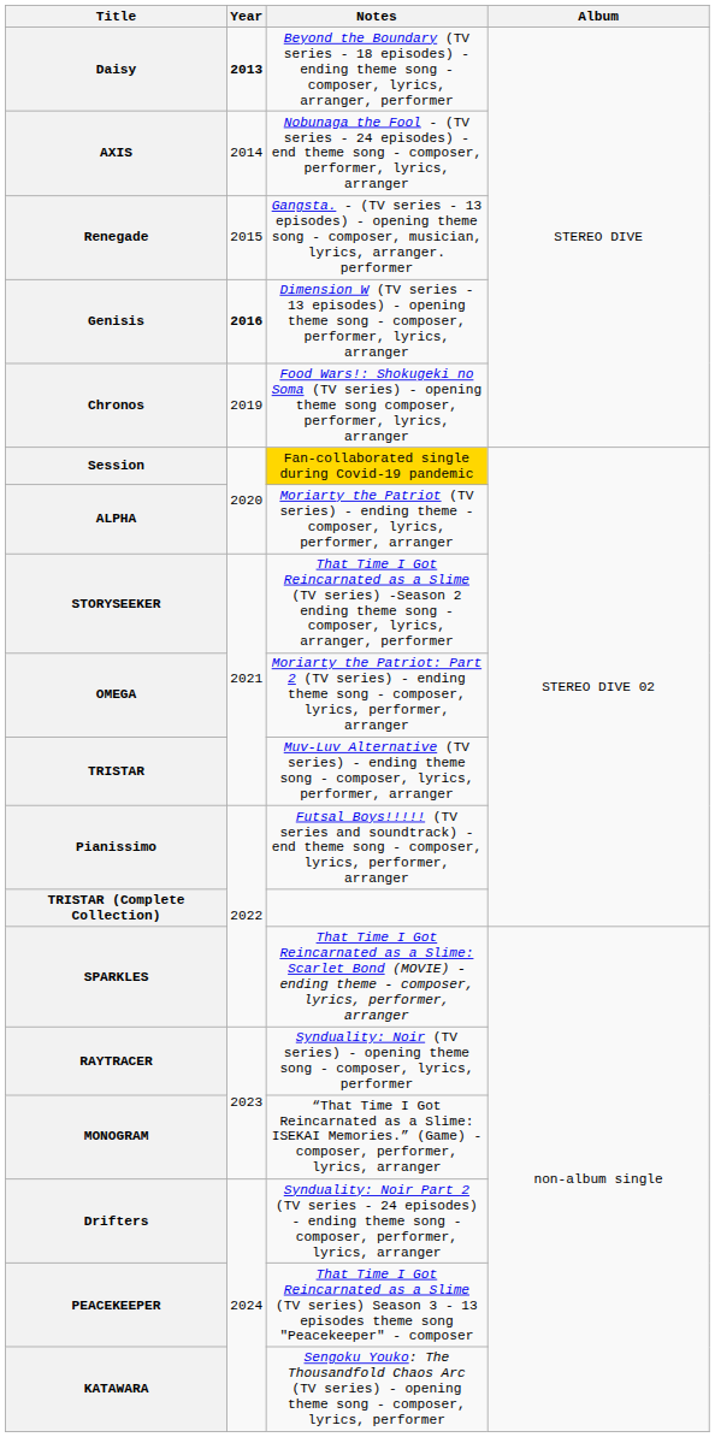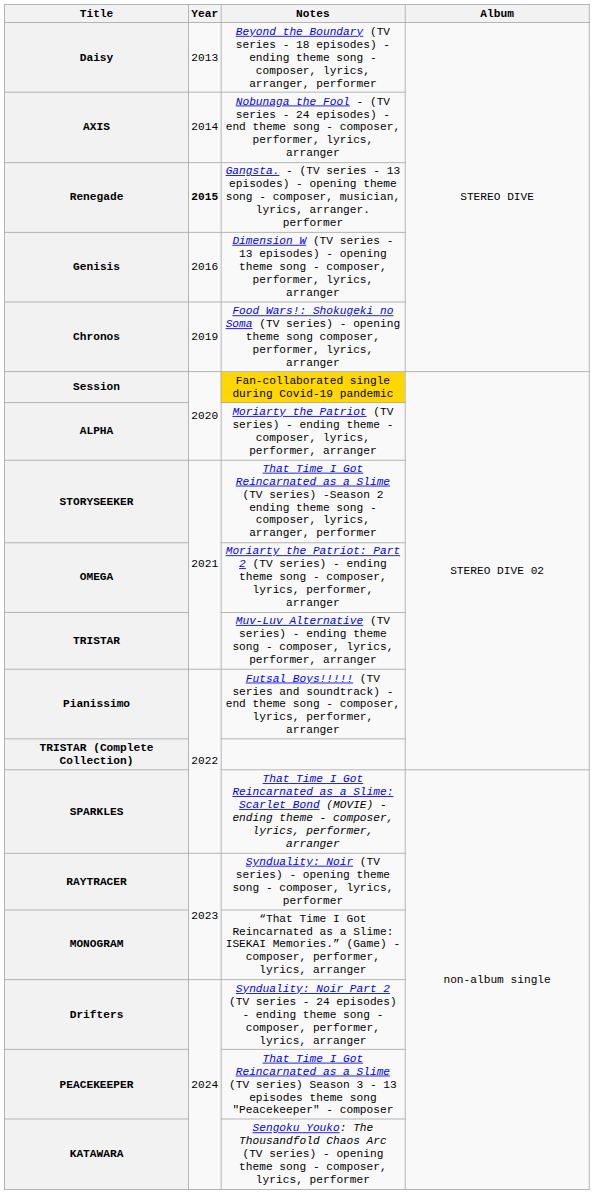 <table class="wikitable plainrowheaders" style="text-align:center;">
 <tr>
 <th style="width:16em;">Title</th>
 <th>Year</th>
 <th style="width:16em;">Notes</th>
 <th style="width:16em;">Album</th>
 </tr>
 <tr>
 <th scope="row">Daisy</th>
-<td><strong>2013</strong></td>
+<td>2013</td>
 <td><em><a href='#'>Beyond the Boundary</a></em> (TV series - 18 episodes) - ending theme song - composer, lyrics, arranger, performer</td>
 <td rowspan="5">STEREO DIVE</td>
 </tr>
 <tr>
 <th scope="row">AXIS</th>
 <td>2014</td>
 <td><em><a href='#'>Nobunaga the Fool</a></em> - (TV series - 24 episodes) - end theme song - composer, performer, lyrics, arranger</td>
 </tr>
 <tr>
 <th scope="row">Renegade</th>
-<td>2015</td>
+<td><strong>2015</strong></td>
 <td><em><a href='#'>Gangsta.</a></em> - (TV series - 13 episodes) - opening theme song - composer, musician, lyrics, arranger. performer</td>
 </tr>
 <tr>
 <th scope="row">Genisis</th>
-<td><strong>2016</strong></td>
+<td>2016</td>
 <td><em><a href='#'>Dimension W</a></em> (TV series - 13 episodes) - opening theme song  - composer, performer, lyrics, arranger</td>
 </tr>
 <tr>
 <th scope="row">Chronos</th>
 <td>2019</td>
 <td><em><a href='#'>Food Wars!: Shokugeki no Soma</a></em> (TV series) - opening theme song composer, performer, lyrics, arranger</td>
 </tr>
 <tr>
 <th scope="row">Session</th>
 <td rowspan="2">2020</td>
 <td style="background: gold;">Fan-collaborated single during Covid-19 pandemic</td>
 <td rowspan="7">STEREO DIVE 02</td>
 </tr>
 <tr>
 <th scope="row">ALPHA</th>
 <td><em><a href='#'>Moriarty the Patriot</a></em> (TV series) - ending theme - composer, lyrics, performer, arranger</td>
 </tr>
 <tr>
 <th scope="row">STORYSEEKER</th>
 <td rowspan="3">2021</td>
 <td><em><a href='#'>That Time I Got Reincarnated as a Slime</a></em> (TV series) -Season 2 ending theme song  -composer, lyrics, arranger, performer</td>
 </tr>
 <tr>
 <th scope="row">OMEGA</th>
 <td><em><a href='#'>Moriarty the Patriot: Part 2</a></em> (TV series) - ending theme song - composer, lyrics, performer, arranger</td>
 </tr>
 <tr>
 <th scope="row">TRISTAR</th>
 <td><em><a href='#'>Muv-Luv Alternative</a></em> (TV series) - ending theme song - composer, lyrics, performer, arranger</td>
 </tr>
 <tr>
 <th scope="row">Pianissimo</th>
 <td rowspan="3">2022</td>
 <td><em><a href='#'>Futsal Boys!!!!!</a></em> (TV series and soundtrack) - end theme song - composer, lyrics, performer, arranger</td>
 </tr>
 <tr>
 <th scope="row">TRISTAR (Complete Collection)</th>
 <td></td>
 </tr>
 <tr>
 <th scope="row">SPARKLES</th>
 <td><em><a href='#'>That Time I Got Reincarnated as a Slime: Scarlet Bond</a> (MOVIE) - ending theme - composer, lyrics, performer, arranger</em></td>
 <td rowspan="6">non-album single</td>
 </tr>
 <tr>
 <th scope="row">RAYTRACER</th>
 <td rowspan="2">2023</td>
 <td><em><a href='#'>Synduality: Noir</a></em> (TV series) - opening theme song - composer, lyrics, performer</td>
 </tr>
 <tr>
 <th scope="row">MONOGRAM</th>
 <td>“That Time I Got Reincarnated as a Slime: ISEKAI Memories.” (Game) - composer, performer, lyrics, arranger</td>
 </tr>
 <tr>
 <th scope="row">Drifters</th>
 <td rowspan="3">2024</td>
 <td><em><a href='#'>Synduality: Noir Part 2</a></em> (TV series - 24 episodes) - ending theme song - composer, performer, lyrics, arranger</td>
 </tr>
 <tr>
 <th scope="row">PEACEKEEPER</th>
 <td><em><a href='#'>That Time I Got Reincarnated as a Slime</a></em> (TV series) Season 3 - 13 episodes theme song "Peacekeeper" - composer</td>
 </tr>
 <tr>
 <th scope="row">KATAWARA</th>
 <td><em><a href='#'>Sengoku Youko</a>: The Thousandfold Chaos Arc</em><br>(TV series) - opening theme song - composer, lyrics, performer</td>
 </tr>
 </table>
